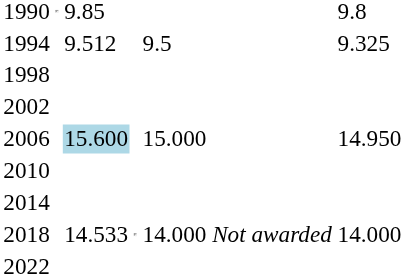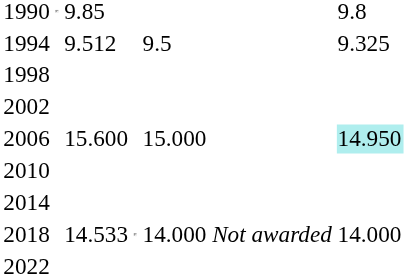 <table>
 <tr>
 <td>1990</td>
 <td><hr></td>
 <td>9.85</td>
 <td></td>
 <td></td>
 <td></td>
 <td>9.8</td>
 </tr>
 <tr>
 <td>1994</td>
 <td></td>
 <td>9.512</td>
 <td></td>
 <td>9.5</td>
 <td></td>
 <td>9.325</td>
 </tr>
 <tr>
 <td>1998</td>
 <td></td>
 <td></td>
 <td></td>
 <td></td>
 <td></td>
 <td></td>
 </tr>
 <tr>
 <td>2002</td>
 <td></td>
 <td></td>
 <td></td>
 <td></td>
 <td></td>
 <td></td>
 </tr>
 <tr>
 <td>2006</td>
 <td></td>
-<td style="background: lightblue;">15.600</td>
+<td>15.600</td>
 <td></td>
 <td>15.000</td>
 <td></td>
-<td>14.950</td>
+<td style="background: paleturquoise;">14.950</td>
 </tr>
 <tr>
 <td>2010<br></td>
 <td></td>
 <td></td>
 <td></td>
 <td></td>
 <td></td>
 <td></td>
 </tr>
 <tr>
 <td>2014<br></td>
 <td></td>
 <td></td>
 <td></td>
 <td></td>
 <td></td>
 <td></td>
 </tr>
 <tr>
 <td>2018<br></td>
 <td></td>
 <td>14.533</td>
 <td><hr></td>
 <td>14.000</td>
 <td><em>Not awarded</em></td>
 <td>14.000</td>
 </tr>
 <tr>
 <td>2022<br></td>
 <td></td>
 <td></td>
 <td></td>
 <td></td>
 <td></td>
 <td></td>
 </tr>
 </table>
